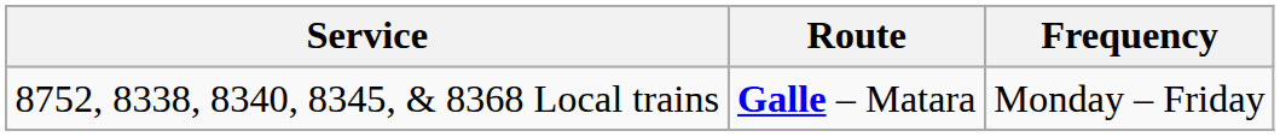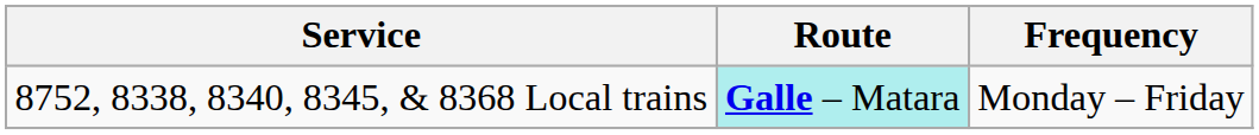 <table class="wikitable">
 <tr style="background-color:#e3e3e3;">
 <th>Service</th>
 <th>Route</th>
 <th>Frequency</th>
 </tr>
 <tr>
 <td>8752, 8338, 8340, 8345, & 8368 Local trains</td>
-<td><strong><a href='#'>Galle</a></strong> – Matara</td>
+<td style="background: paleturquoise;"><strong><a href='#'>Galle</a></strong> – Matara</td>
 <td>Monday – Friday</td>
 </tr>
 <tr>
 </tr>
 </table>
